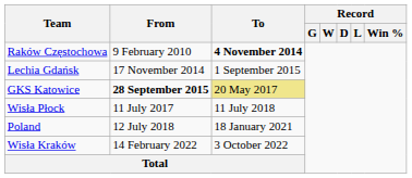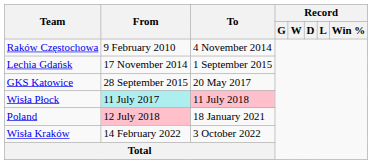 <table class="wikitable" style="text-align: center;">
 <tr>
 <th rowspan="2">Team</th>
 <th rowspan="2">From</th>
 <th rowspan="2">To</th>
 <th colspan="5">Record</th>
 </tr>
 <tr>
 <th>G</th>
 <th>W</th>
 <th>D</th>
 <th>L</th>
 <th>Win %</th>
 </tr>
 <tr>
 <td align=left> <a href='#'>Raków Częstochowa</a></td>
 <td align=left>9 February 2010</td>
-<td align=left><strong>4 November 2014<br></strong></td>
+<td align=left>4 November 2014<br></td>
 </tr>
 <tr>
 <td align=left> <a href='#'>Lechia Gdańsk</a></td>
 <td align=left>17 November 2014</td>
 <td align=left>1 September 2015<br></td>
 </tr>
 <tr>
 <td align=left> <a href='#'>GKS Katowice</a></td>
-<td align=left><strong>28 September 2015</strong></td>
-<td align=left style="background: khaki;">20 May 2017<br></td>
+<td align=left>28 September 2015</td>
+<td align=left>20 May 2017<br></td>
 </tr>
 <tr>
 <td align=left> <a href='#'>Wisła Płock</a></td>
-<td align=left>11 July 2017</td>
-<td align=left>11 July 2018<br></td>
+<td align=left style="background: paleturquoise;">11 July 2017</td>
+<td align=left style="background: pink;">11 July 2018<br></td>
 </tr>
 <tr>
 <td align=left> <a href='#'>Poland</a></td>
-<td align=left>12 July 2018</td>
+<td align=left style="background: pink;">12 July 2018</td>
 <td align=left>18 January 2021<br></td>
 </tr>
 <tr>
 <td align=left> <a href='#'>Wisła Kraków</a></td>
 <td align=left>14 February 2022</td>
 <td align=left>3 October 2022<br></td>
 </tr>
 <tr>
 <th colspan="3">Total<br></th>
 </tr>
 </table>
